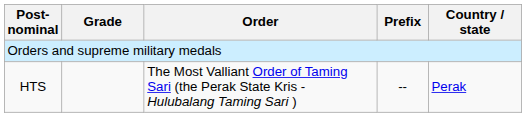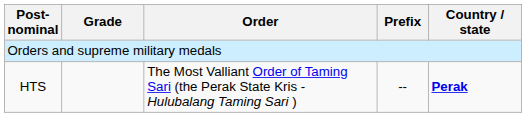 <table class="wikitable" width=100%>
 <tr>
 <th width=11%>Post-nominal</th>
 <th width=16%>Grade</th>
 <th>Order</th>
 <th width=10%>Prefix</th>
 <th width=18%>Country / state</th>
 </tr>
 <tr>
 <td colspan=5 style="background-color:#cceeff">Orders and supreme military medals</td>
 </tr>
 <tr>
 <td align=center>HTS</td>
 <td></td>
 <td>The Most Valliant <a href='#'>Order of Taming Sari</a> (the Perak State Kris - <em>Hulubalang Taming Sari </em>)</td>
 <td align=center>--</td>
-<td> <a href='#'>Perak</a></td>
+<td><strong> <a href='#'>Perak</a></strong></td>
 </tr>
 </table>
